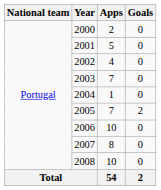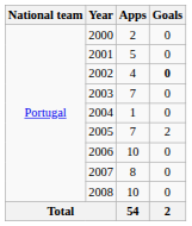 <table class="wikitable" style="text-align:center">
 <tr>
 <th>National team</th>
 <th>Year</th>
 <th>Apps</th>
 <th>Goals</th>
 </tr>
 <tr>
 <td rowspan="9"><a href='#'>Portugal</a></td>
 <td>2000</td>
 <td>2</td>
 <td>0</td>
 </tr>
 <tr>
 <td>2001</td>
 <td>5</td>
 <td>0</td>
 </tr>
 <tr>
 <td>2002</td>
 <td>4</td>
-<td>0</td>
+<td><strong>0</strong></td>
 </tr>
 <tr>
 <td>2003</td>
 <td>7</td>
 <td>0</td>
 </tr>
 <tr>
 <td>2004</td>
 <td>1</td>
 <td>0</td>
 </tr>
 <tr>
 <td>2005</td>
 <td>7</td>
 <td>2</td>
 </tr>
 <tr>
 <td>2006</td>
 <td>10</td>
 <td>0</td>
 </tr>
 <tr>
 <td>2007</td>
 <td>8</td>
 <td>0</td>
 </tr>
 <tr>
 <td>2008</td>
 <td>10</td>
 <td>0</td>
 </tr>
 <tr>
 <th colspan="2">Total</th>
 <th>54</th>
 <th>2</th>
 </tr>
 </table>
